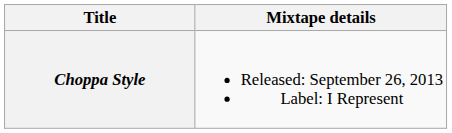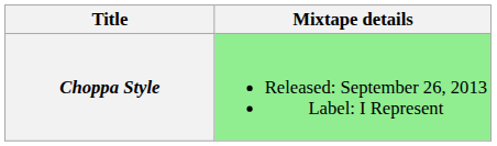 <table class="wikitable plainrowheaders" style="text-align:center;">
 <tr>
 <th scope="col" style="width:11em;">Title</th>
 <th scope="col">Mixtape details</th>
 </tr>
 <tr>
 <th scope="row"><em>Choppa Style</em></th>
-<td><br><ul><li>Released: September 26, 2013</li><li>Label: I Represent</li></ul></td>
+<td style="background: lightgreen;"><br><ul><li>Released: September 26, 2013</li><li>Label: I Represent</li></ul></td>
 </tr>
 </table>
